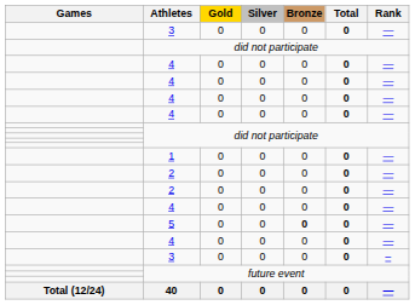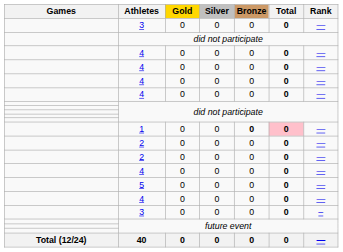 <table class="wikitable sortable" style="text-align:center; font-size:90%;">
 <tr>
 <th width=180>Games</th>
 <th width=70>Athletes</th>
 <th scope="col" style="background:gold; width:50px;">Gold</th>
 <th scope="col" style="background:silver; width:50px;">Silver</th>
 <th scope="col" style="background:#cc9966; width:50px;">Bronze</th>
 <th width=50>Total</th>
 <th width=50>Rank</th>
 </tr>
 <tr>
 <td align=left> </td>
 <td><a href='#'>3</a></td>
 <td>0</td>
 <td>0</td>
 <td>0</td>
 <td><strong>0</strong></td>
 <td><a href='#'>—</a></td>
 </tr>
 <tr>
 <td align=left> </td>
 <td colspan="6"><em>did not participate</em></td>
 </tr>
 <tr>
 <td align=left> </td>
 <td><a href='#'>4</a></td>
 <td>0</td>
 <td>0</td>
 <td>0</td>
 <td><strong>0</strong></td>
 <td><a href='#'>—</a></td>
 </tr>
 <tr>
 <td align=left> </td>
 <td><a href='#'>4</a></td>
 <td>0</td>
 <td>0</td>
 <td>0</td>
 <td><strong>0</strong></td>
 <td><a href='#'>—</a></td>
 </tr>
 <tr>
 <td align=left> </td>
 <td><a href='#'>4</a></td>
 <td>0</td>
 <td>0</td>
 <td>0</td>
 <td><strong>0</strong></td>
 <td><a href='#'>—</a></td>
 </tr>
 <tr>
 <td align=left> </td>
 <td><a href='#'>4</a></td>
 <td>0</td>
 <td>0</td>
 <td>0</td>
 <td><strong>0</strong></td>
 <td><a href='#'>—</a></td>
 </tr>
 <tr>
 <td align=left> </td>
 <td colspan="6;" rowspan="5"><em>did not participate</em></td>
 </tr>
 <tr>
 <td align=left> </td>
 </tr>
 <tr>
 <td align=left> </td>
 </tr>
 <tr>
 <td align=left> </td>
 </tr>
 <tr>
 <td align=left> </td>
 </tr>
 <tr>
 <td align=left> </td>
 <td><a href='#'>1</a></td>
 <td>0</td>
 <td>0</td>
-<td>0</td>
 <td><strong>0</strong></td>
+<td style="background: pink;"><strong>0</strong></td>
 <td><a href='#'>—</a></td>
 </tr>
 <tr>
 <td align=left> </td>
 <td><a href='#'>2</a></td>
 <td>0</td>
 <td>0</td>
 <td>0</td>
 <td><strong>0</strong></td>
 <td><a href='#'>—</a></td>
 </tr>
 <tr>
 <td align=left> </td>
 <td><a href='#'>2</a></td>
 <td>0</td>
 <td>0</td>
 <td>0</td>
 <td><strong>0</strong></td>
 <td><a href='#'>—</a></td>
 </tr>
 <tr>
 <td align=left> </td>
 <td><a href='#'>4</a></td>
 <td>0</td>
 <td>0</td>
 <td>0</td>
 <td><strong>0</strong></td>
 <td><a href='#'>—</a></td>
 </tr>
 <tr>
 <td align=left> </td>
 <td><a href='#'>5</a></td>
 <td>0</td>
 <td>0</td>
-<td><strong>0</strong></td>
+<td>0</td>
 <td><strong>0</strong></td>
 <td><a href='#'>—</a></td>
 </tr>
 <tr>
 <td align=left> </td>
 <td><a href='#'>4</a></td>
 <td>0</td>
 <td>0</td>
 <td>0</td>
 <td><strong>0</strong></td>
 <td><a href='#'>—</a></td>
 </tr>
 <tr>
 <td align=left> </td>
 <td><a href='#'>3</a></td>
 <td>0</td>
 <td>0</td>
 <td>0</td>
 <td><strong>0</strong></td>
 <td><a href='#'>–</a></td>
 </tr>
 <tr>
 <td align=left> </td>
 <td colspan="6" rowspan=3><em>future event</em></td>
 </tr>
 <tr>
 <td align=left> </td>
 </tr>
 <tr>
 <td align=left> </td>
 </tr>
 <tr>
 <th colspan=1>Total (12/24)</th>
 <th>40</th>
 <th>0</th>
 <th>0</th>
 <th>0</th>
 <th>0</th>
 <th><a href='#'>—</a></th>
 </tr>
 </table>
